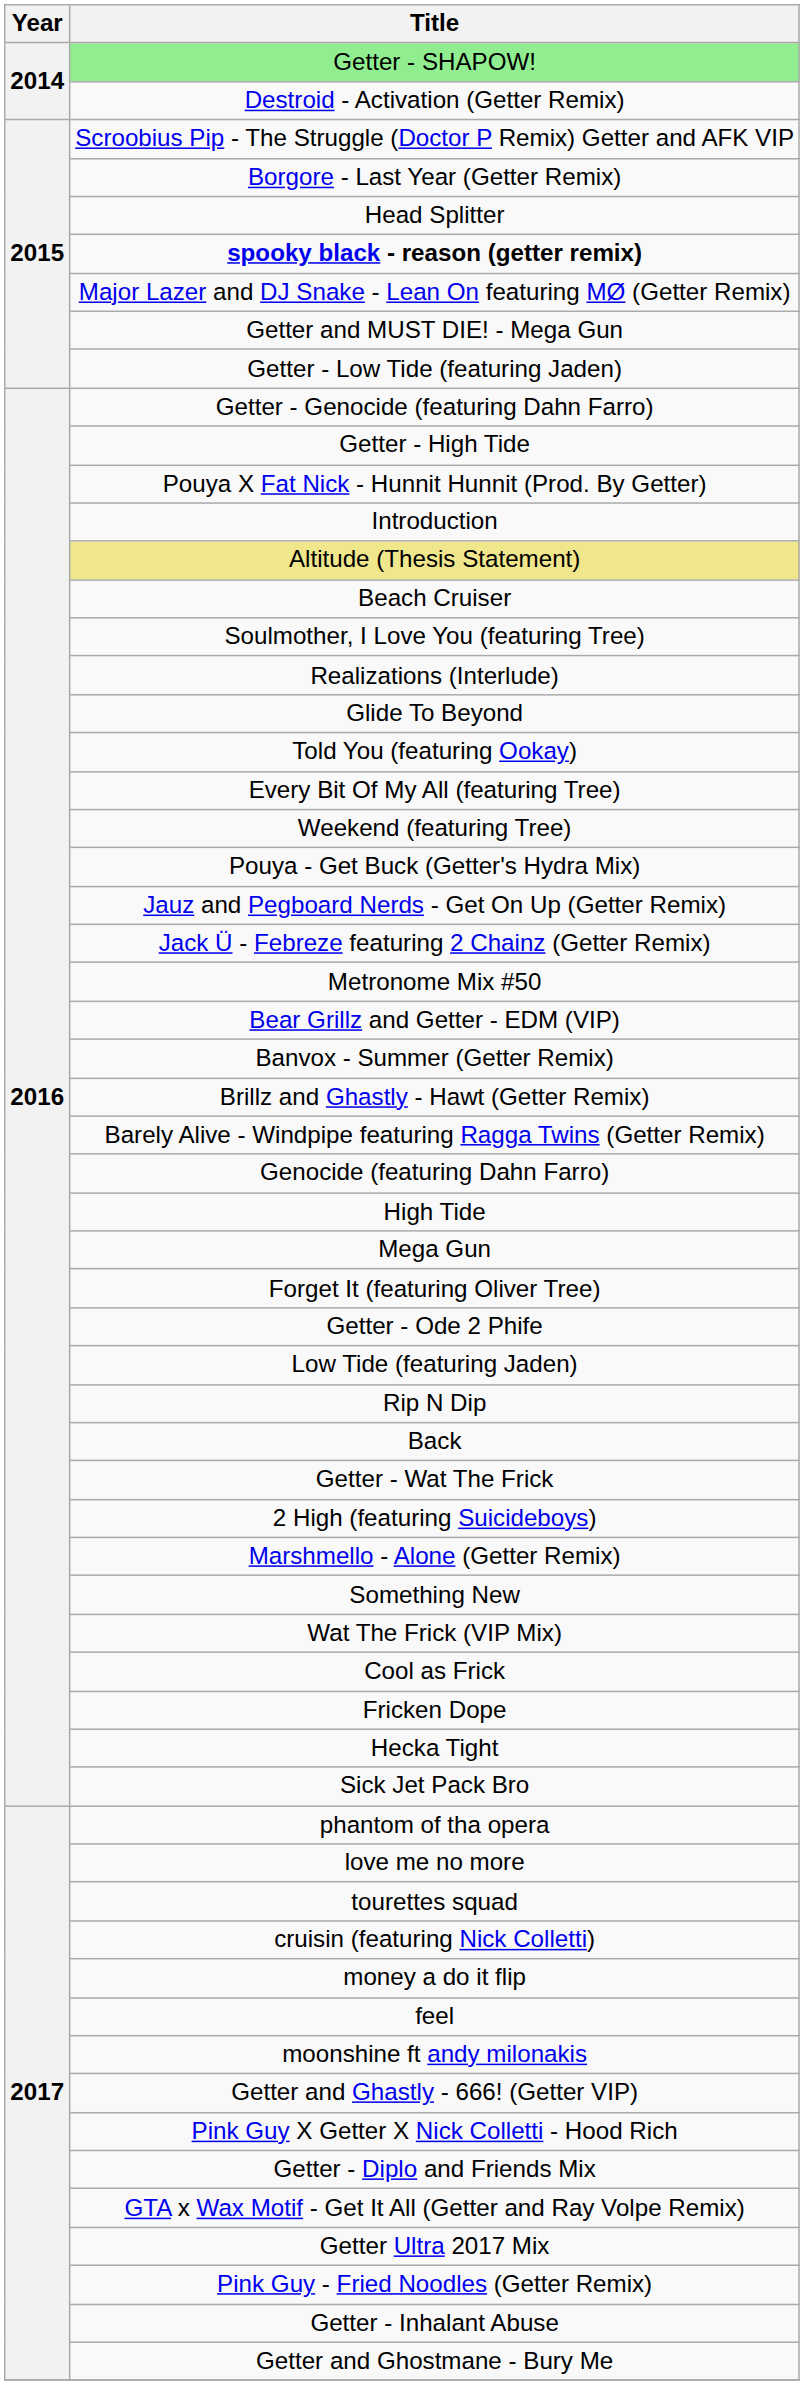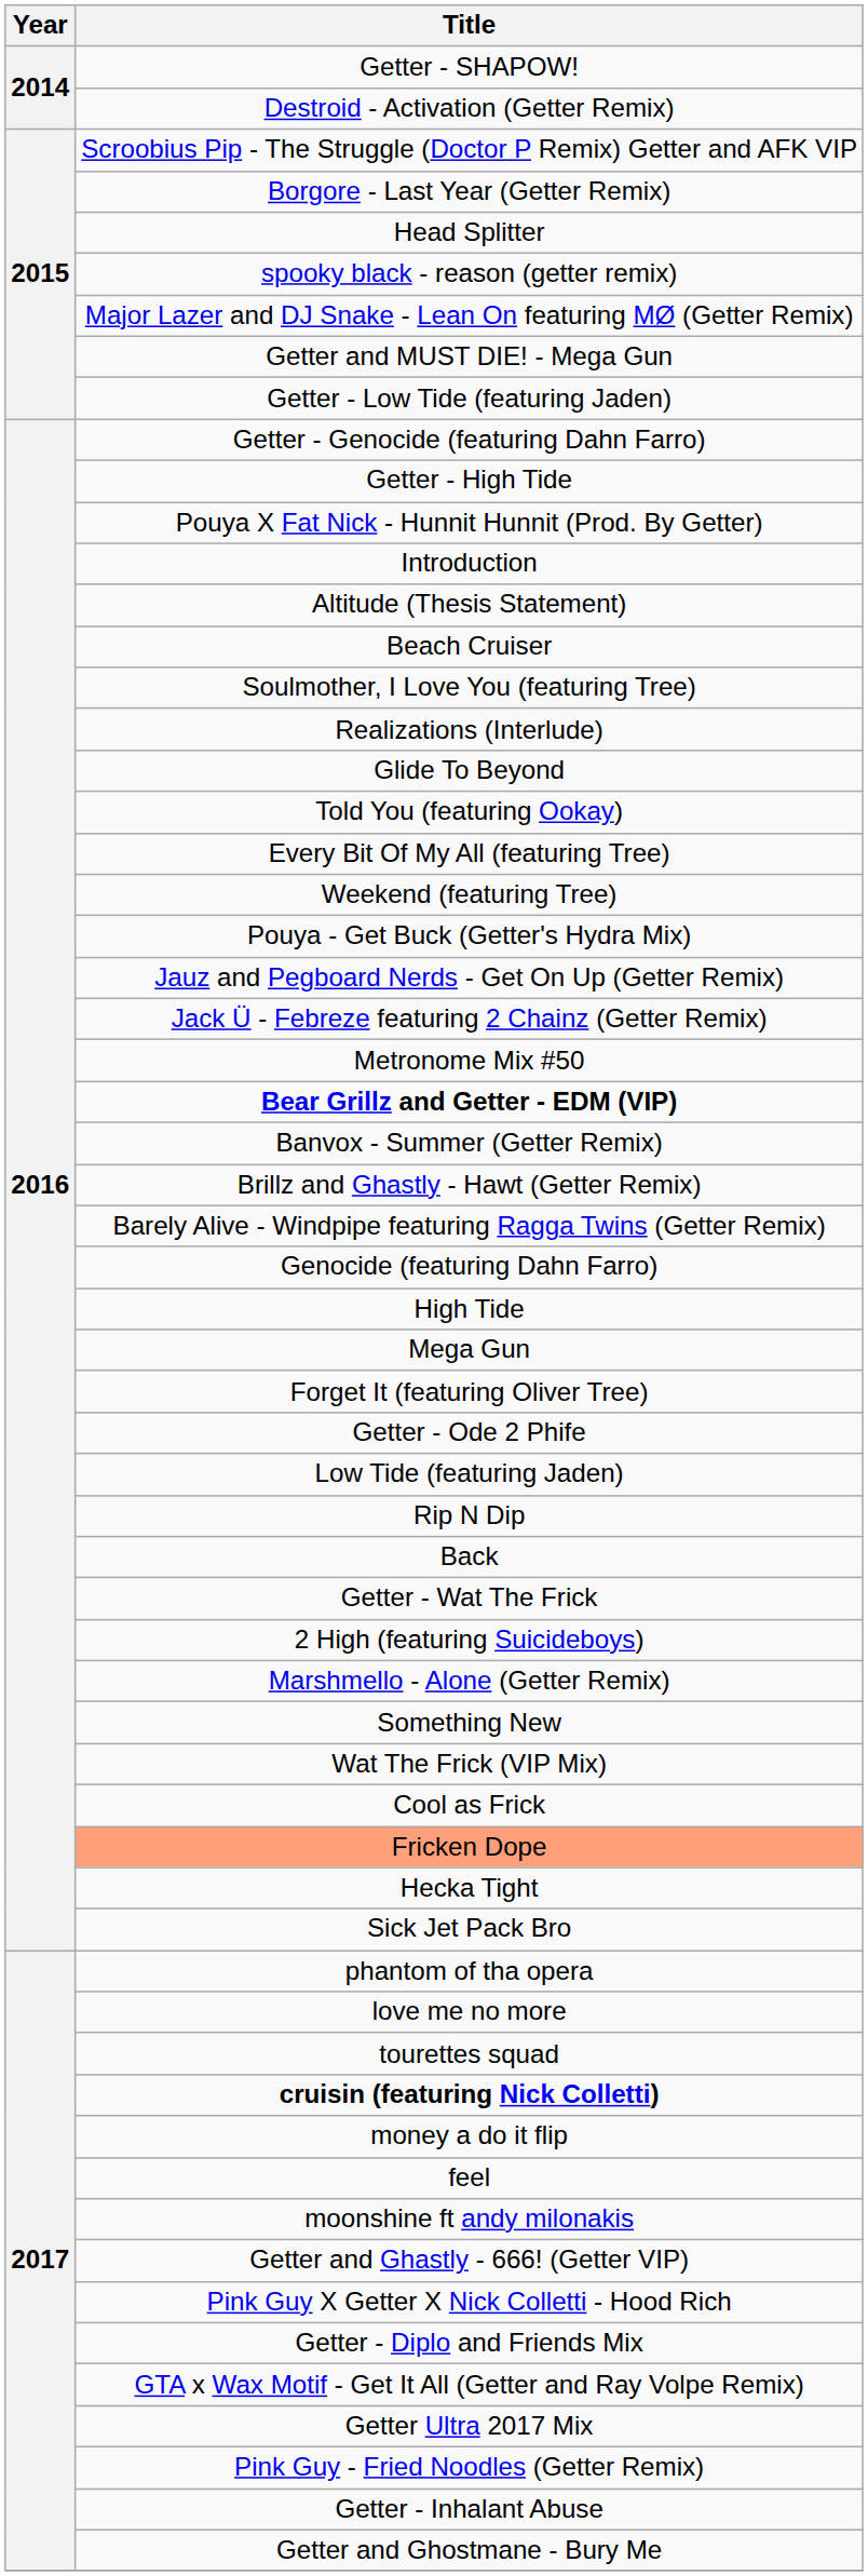 <table class="wikitable plainrowheaders" style="text-align:center;">
 <tr>
 <th scope="col">Year</th>
 <th scope="col">Title</th>
 </tr>
 <tr>
 <th rowspan="2">2014</th>
-<td style="background: lightgreen;">Getter - SHAPOW!</td>
+<td>Getter - SHAPOW!</td>
 </tr>
 <tr>
 <td><a href='#'>Destroid</a> - Activation (Getter Remix)</td>
 </tr>
 <tr>
 <th rowspan="7">2015</th>
 <td><a href='#'>Scroobius Pip</a> - The Struggle (<a href='#'>Doctor P</a> Remix) Getter and AFK VIP</td>
 </tr>
 <tr>
 <td><a href='#'>Borgore</a> - Last Year (Getter Remix)</td>
 </tr>
 <tr>
 <td>Head Splitter</td>
 </tr>
 <tr>
-<td><strong><a href='#'>spooky black</a> - reason (getter remix)</strong></td>
+<td><a href='#'>spooky black</a> - reason (getter remix)</td>
 </tr>
 <tr>
 <td><a href='#'>Major Lazer</a> and <a href='#'>DJ Snake</a> - <a href='#'>Lean On</a> featuring <a href='#'>MØ</a> (Getter Remix)</td>
 </tr>
 <tr>
 <td>Getter and MUST DIE! - Mega Gun</td>
 </tr>
 <tr>
 <td>Getter - Low Tide (featuring Jaden)</td>
 </tr>
 <tr>
 <th rowspan="37">2016</th>
 <td>Getter - Genocide (featuring Dahn Farro)</td>
 </tr>
 <tr>
 <td>Getter - High Tide</td>
 </tr>
 <tr>
 <td>Pouya X <a href='#'>Fat Nick</a> - Hunnit Hunnit (Prod. By Getter)</td>
 </tr>
 <tr>
 <td>Introduction</td>
 </tr>
 <tr>
-<td style="background: khaki;">Altitude (Thesis Statement)</td>
+<td>Altitude (Thesis Statement)</td>
 </tr>
 <tr>
 <td>Beach Cruiser</td>
 </tr>
 <tr>
 <td>Soulmother, I Love You (featuring Tree)</td>
 </tr>
 <tr>
 <td>Realizations (Interlude)</td>
 </tr>
 <tr>
 <td>Glide To Beyond</td>
 </tr>
 <tr>
 <td>Told You (featuring <a href='#'>Ookay</a>)</td>
 </tr>
 <tr>
 <td>Every Bit Of My All (featuring Tree)</td>
 </tr>
 <tr>
 <td>Weekend (featuring Tree)</td>
 </tr>
 <tr>
 <td>Pouya - Get Buck (Getter's Hydra Mix)</td>
 </tr>
 <tr>
 <td><a href='#'>Jauz</a> and <a href='#'>Pegboard Nerds</a> - Get On Up (Getter Remix)</td>
 </tr>
 <tr>
 <td><a href='#'>Jack Ü</a> - <a href='#'>Febreze</a> featuring <a href='#'>2 Chainz</a> (Getter Remix)</td>
 </tr>
 <tr>
 <td>Metronome Mix #50</td>
 </tr>
 <tr>
-<td><a href='#'>Bear Grillz</a> and Getter - EDM (VIP)</td>
+<td><strong><a href='#'>Bear Grillz</a> and Getter - EDM (VIP)</strong></td>
 </tr>
 <tr>
 <td>Banvox - Summer (Getter Remix)</td>
 </tr>
 <tr>
 <td>Brillz and <a href='#'>Ghastly</a> - Hawt (Getter Remix)</td>
 </tr>
 <tr>
 <td>Barely Alive - Windpipe featuring <a href='#'>Ragga Twins</a> (Getter Remix)</td>
 </tr>
 <tr>
 <td>Genocide (featuring Dahn Farro)</td>
 </tr>
 <tr>
 <td>High Tide</td>
 </tr>
 <tr>
 <td>Mega Gun</td>
 </tr>
 <tr>
 <td>Forget It (featuring Oliver Tree)</td>
 </tr>
 <tr>
 <td>Getter - Ode 2 Phife</td>
 </tr>
 <tr>
 <td>Low Tide (featuring Jaden)</td>
 </tr>
 <tr>
 <td>Rip N Dip</td>
 </tr>
 <tr>
 <td>Back</td>
 </tr>
 <tr>
 <td>Getter - Wat The Frick</td>
 </tr>
 <tr>
 <td>2 High (featuring <a href='#'>Suicideboys</a>)</td>
 </tr>
 <tr>
 <td><a href='#'>Marshmello</a> - <a href='#'>Alone</a> (Getter Remix)</td>
 </tr>
 <tr>
 <td>Something New</td>
 </tr>
 <tr>
 <td>Wat The Frick (VIP Mix)</td>
 </tr>
 <tr>
 <td>Cool as Frick</td>
 </tr>
 <tr>
-<td>Fricken Dope</td>
+<td style="background: lightsalmon;">Fricken Dope</td>
 </tr>
 <tr>
 <td>Hecka Tight</td>
 </tr>
 <tr>
 <td>Sick Jet Pack Bro</td>
 </tr>
 <tr>
 <th rowspan="15">2017</th>
 <td>phantom of tha opera</td>
 </tr>
 <tr>
 <td>love me no more</td>
 </tr>
 <tr>
 <td>tourettes squad</td>
 </tr>
 <tr>
-<td>cruisin (featuring <a href='#'>Nick Colletti</a>)</td>
+<td><strong>cruisin (featuring <a href='#'>Nick Colletti</a>)</strong></td>
 </tr>
 <tr>
 <td>money a do it flip</td>
 </tr>
 <tr>
 <td>feel</td>
 </tr>
 <tr>
 <td>moonshine ft <a href='#'>andy milonakis</a></td>
 </tr>
 <tr>
 <td>Getter and <a href='#'>Ghastly</a> - 666! (Getter VIP)</td>
 </tr>
 <tr>
 <td><a href='#'>Pink Guy</a> X Getter X <a href='#'>Nick Colletti</a> - Hood Rich</td>
 </tr>
 <tr>
 <td>Getter - <a href='#'>Diplo</a> and Friends Mix</td>
 </tr>
 <tr>
 <td><a href='#'>GTA</a> x <a href='#'>Wax Motif</a> - Get It All (Getter and Ray Volpe Remix)</td>
 </tr>
 <tr>
 <td>Getter <a href='#'>Ultra</a> 2017 Mix</td>
 </tr>
 <tr>
 <td><a href='#'>Pink Guy</a> - <a href='#'>Fried Noodles</a> (Getter Remix)</td>
 </tr>
 <tr>
 <td>Getter - Inhalant Abuse</td>
 </tr>
 <tr>
 <td>Getter and Ghostmane - Bury Me</td>
 </tr>
 <tr>
 </tr>
 </table>
